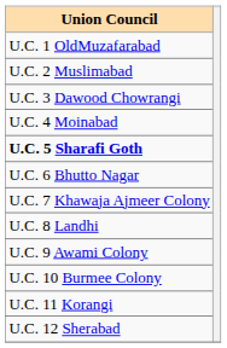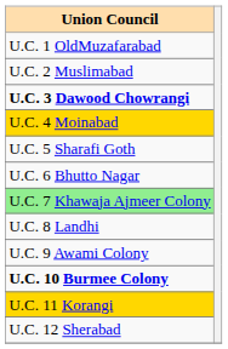 <table class="sortable wikitable" align="left" style="font-size:90%">
 <tr>
 <th style="background:#ffdead;">Union Council</th>
 <th rowspan=13 style="border-bottom:1px solid grey;" valign="top" class="unsortable"><br><br></th>
 </tr>
 <tr>
 <td style="border-bottom:1px solid grey;">U.C. 1 <a href='#'>OldMuzafarabad</a></td>
 </tr>
 <tr>
 <td style="border-bottom:1px solid grey;">U.C. 2 <a href='#'>Muslimabad</a></td>
 </tr>
 <tr>
-<td style="border-bottom:1px solid grey;">U.C. 3 <a href='#'>Dawood Chowrangi</a></td>
+<td style="border-bottom:1px solid grey;"><strong>U.C. 3 <a href='#'>Dawood Chowrangi</a></strong></td>
 </tr>
 <tr>
-<td style="border-bottom:1px solid grey;">U.C. 4 <a href='#'>Moinabad</a></td>
+<td style="background: gold; border-bottom:1px solid grey;">U.C. 4 <a href='#'>Moinabad</a></td>
 </tr>
 <tr>
-<td style="border-bottom:1px solid grey;"><strong>U.C. 5 <a href='#'>Sharafi Goth</a></strong></td>
+<td style="border-bottom:1px solid grey;">U.C. 5 <a href='#'>Sharafi Goth</a></td>
 </tr>
 <tr>
 <td style="border-bottom:1px solid grey;">U.C. 6 <a href='#'>Bhutto Nagar</a></td>
 </tr>
 <tr>
-<td style="border-bottom:1px solid grey;">U.C. 7 <a href='#'>Khawaja Ajmeer Colony</a></td>
+<td style="background: lightgreen; border-bottom:1px solid grey;">U.C. 7 <a href='#'>Khawaja Ajmeer Colony</a></td>
 </tr>
 <tr>
 <td style="border-bottom:1px solid grey;">U.C. 8 <a href='#'>Landhi</a></td>
 </tr>
 <tr>
 <td style="border-bottom:1px solid grey;">U.C. 9 <a href='#'>Awami Colony</a></td>
 </tr>
 <tr>
-<td style="border-bottom:1px solid grey;">U.C. 10 <a href='#'>Burmee Colony</a></td>
+<td style="border-bottom:1px solid grey;"><strong>U.C. 10 <a href='#'>Burmee Colony</a></strong></td>
 </tr>
 <tr>
-<td style="border-bottom:1px solid grey;">U.C. 11 <a href='#'>Korangi</a></td>
+<td style="background: gold; border-bottom:1px solid grey;">U.C. 11 <a href='#'>Korangi</a></td>
 </tr>
 <tr>
 <td style="border-bottom:1px solid grey;">U.C. 12 <a href='#'>Sherabad</a></td>
 </tr>
 <tr>
 </tr>
 </table>
